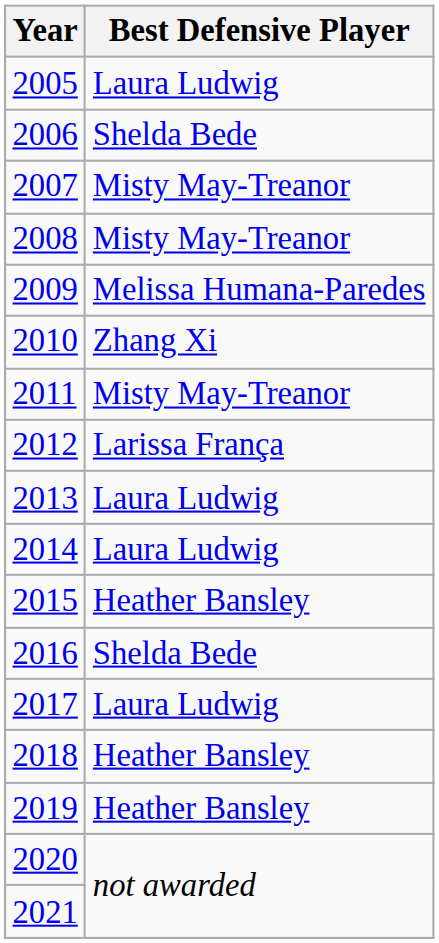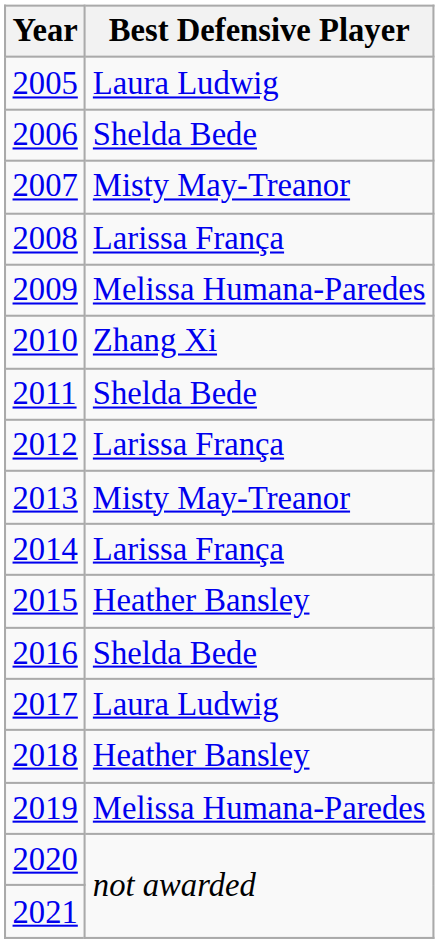 <table class="wikitable sortable" style="display:inline-table;">
 <tr>
 <th>Year</th>
 <th>Best Defensive Player</th>
 </tr>
 <tr>
 <td><a href='#'>2005</a></td>
 <td> <a href='#'>Laura Ludwig</a> </td>
 </tr>
 <tr>
 <td><a href='#'>2006</a></td>
 <td> <a href='#'>Shelda Bede</a> </td>
 </tr>
 <tr>
 <td><a href='#'>2007</a></td>
 <td> <a href='#'>Misty May-Treanor</a> </td>
 </tr>
 <tr>
 <td><a href='#'>2008</a></td>
-<td> <a href='#'>Misty May-Treanor</a> </td>
+<td> <a href='#'>Larissa França</a> </td>
 </tr>
 <tr>
 <td><a href='#'>2009</a></td>
 <td> <a href='#'>Melissa Humana-Paredes</a></td>
 </tr>
 <tr>
 <td><a href='#'>2010</a></td>
 <td> <a href='#'>Zhang Xi</a></td>
 </tr>
 <tr>
 <td><a href='#'>2011</a></td>
-<td> <a href='#'>Misty May-Treanor</a> </td>
+<td> <a href='#'>Shelda Bede</a> </td>
 </tr>
 <tr>
 <td><a href='#'>2012</a></td>
 <td> <a href='#'>Larissa França</a> </td>
 </tr>
 <tr>
 <td><a href='#'>2013</a></td>
-<td> <a href='#'>Laura Ludwig</a> </td>
+<td> <a href='#'>Misty May-Treanor</a> </td>
 </tr>
 <tr>
 <td><a href='#'>2014</a></td>
-<td> <a href='#'>Laura Ludwig</a> </td>
+<td> <a href='#'>Larissa França</a> </td>
 </tr>
 <tr>
 <td><a href='#'>2015</a></td>
 <td> <a href='#'>Heather Bansley</a> </td>
 </tr>
 <tr>
 <td><a href='#'>2016</a></td>
 <td> <a href='#'>Shelda Bede</a> </td>
 </tr>
 <tr>
 <td><a href='#'>2017</a></td>
 <td> <a href='#'>Laura Ludwig</a> </td>
 </tr>
 <tr>
 <td><a href='#'>2018</a></td>
 <td> <a href='#'>Heather Bansley</a> </td>
 </tr>
 <tr>
 <td><a href='#'>2019</a></td>
-<td> <a href='#'>Heather Bansley</a> </td>
+<td> <a href='#'>Melissa Humana-Paredes</a></td>
 </tr>
 <tr>
 <td><a href='#'>2020</a></td>
 <td rowspan=2><em>not awarded</em></td>
 </tr>
 <tr>
 <td><a href='#'>2021</a></td>
 </tr>
 </table>
